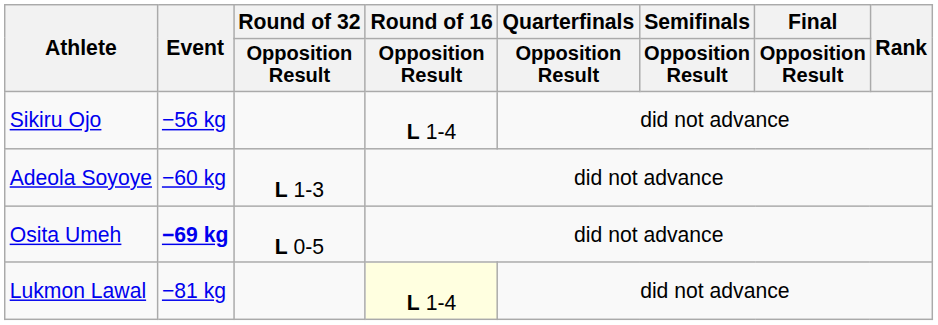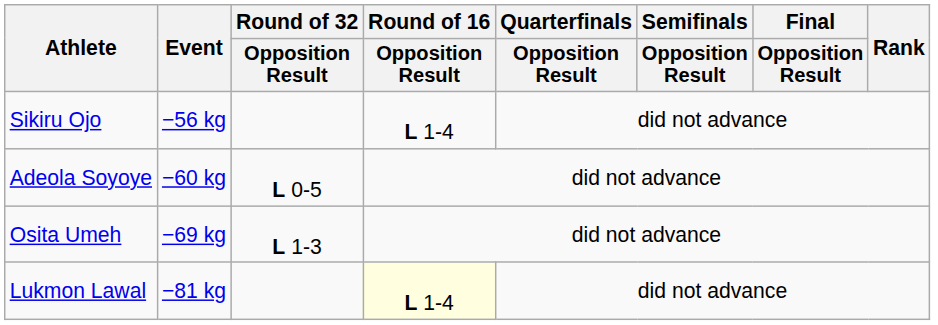 <table class="wikitable" style="font-size:90%;">
 <tr>
 <th rowspan=2>Athlete</th>
 <th rowspan=2>Event</th>
 <th>Round of 32</th>
 <th>Round of 16</th>
 <th>Quarterfinals</th>
 <th>Semifinals</th>
 <th>Final</th>
 <th rowspan=2>Rank</th>
 </tr>
 <tr style="font-size:95%">
 <th>Opposition<br>Result</th>
 <th>Opposition<br>Result</th>
 <th>Opposition<br>Result</th>
 <th>Opposition<br>Result</th>
 <th>Opposition<br>Result</th>
 </tr>
 <tr align=center>
 <td align=left><a href='#'>Sikiru Ojo</a></td>
 <td align=left><a href='#'>−56 kg</a></td>
 <td></td>
 <td><br> <strong>L</strong> 1-4</td>
 <td Colspan=4>did not advance</td>
 </tr>
 <tr align=center>
 <td align=left><a href='#'>Adeola Soyoye</a></td>
 <td align=left><a href='#'>−60 kg</a></td>
-<td><br> <strong>L</strong> 1-3</td>
+<td><br> <strong>L</strong> 0-5</td>
 <td Colspan=5>did not advance</td>
 </tr>
 <tr align=center>
 <td align=left><a href='#'>Osita Umeh</a></td>
-<td align=left><strong><a href='#'>−69 kg</a></strong></td>
-<td><br> <strong>L</strong> 0-5</td>
+<td align=left><a href='#'>−69 kg</a></td>
+<td><br> <strong>L</strong> 1-3</td>
 <td Colspan=5>did not advance</td>
 </tr>
 <tr align=center>
 <td align=left><a href='#'>Lukmon Lawal</a></td>
 <td align=left><a href='#'>−81 kg</a></td>
 <td></td>
 <td style="background: lightyellow;"><br> <strong>L</strong> 1-4</td>
 <td Colspan=4>did not advance</td>
 </tr>
 </table>
